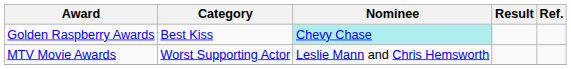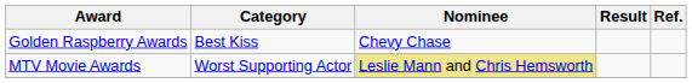 <table class="wikitable">
 <tr>
 <th>Award</th>
 <th>Category</th>
 <th>Nominee</th>
 <th>Result</th>
 <th>Ref.</th>
 </tr>
 <tr>
 <td><a href='#'>Golden Raspberry Awards</a></td>
 <td><a href='#'>Best Kiss</a></td>
-<td style="background: paleturquoise;"><a href='#'>Chevy Chase</a></td>
+<td><a href='#'>Chevy Chase</a></td>
 <td></td>
 <td></td>
 </tr>
 <tr>
 <td><a href='#'>MTV Movie Awards</a></td>
 <td><a href='#'>Worst Supporting Actor</a></td>
-<td><a href='#'>Leslie Mann</a> and <a href='#'>Chris Hemsworth</a></td>
+<td style="background: khaki;"><a href='#'>Leslie Mann</a> and <a href='#'>Chris Hemsworth</a></td>
 <td></td>
 <td></td>
 </tr>
 <tr>
 </tr>
 </table>
